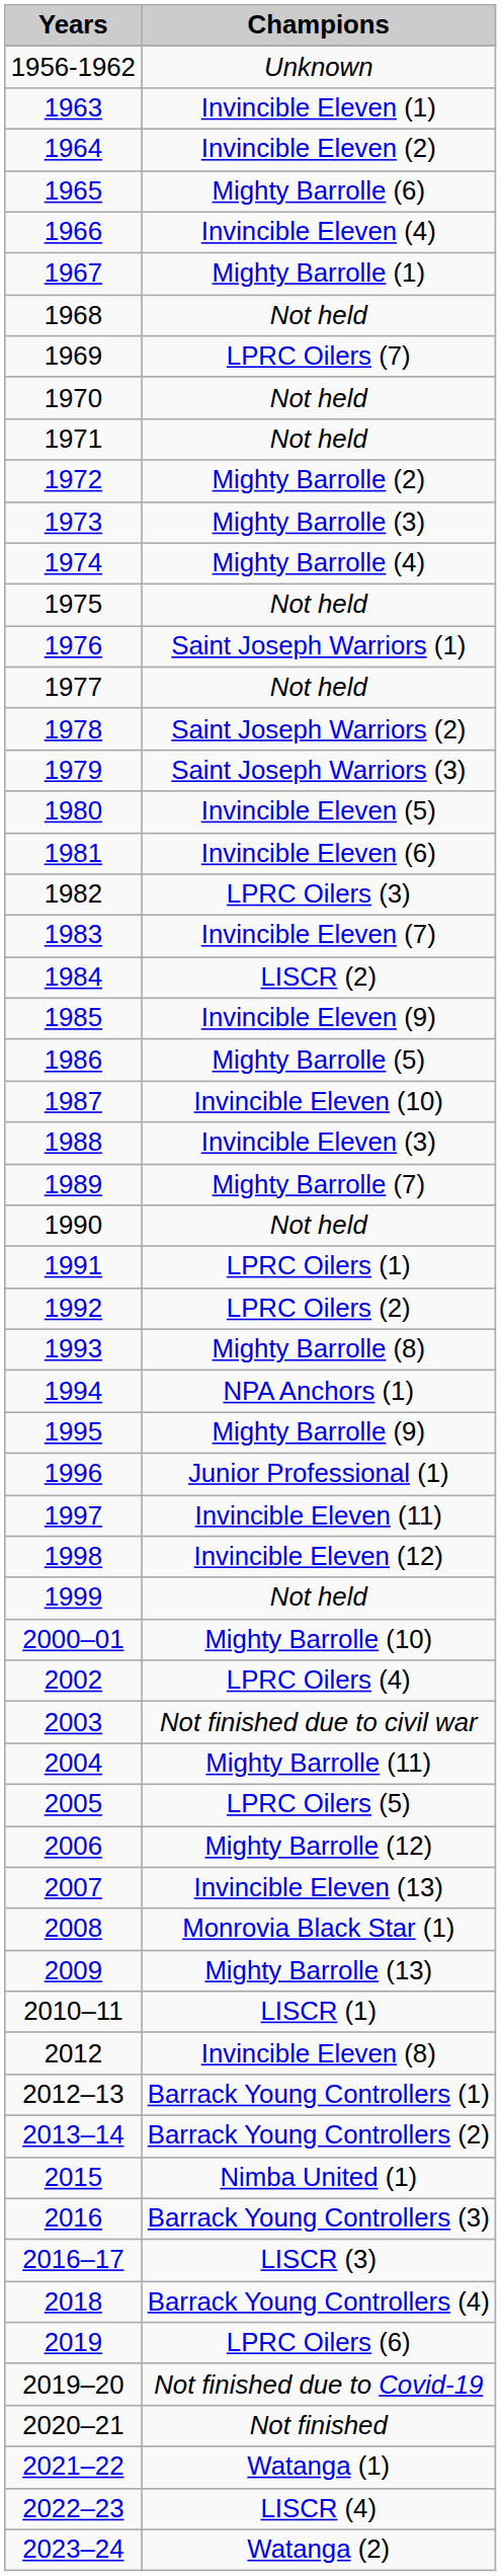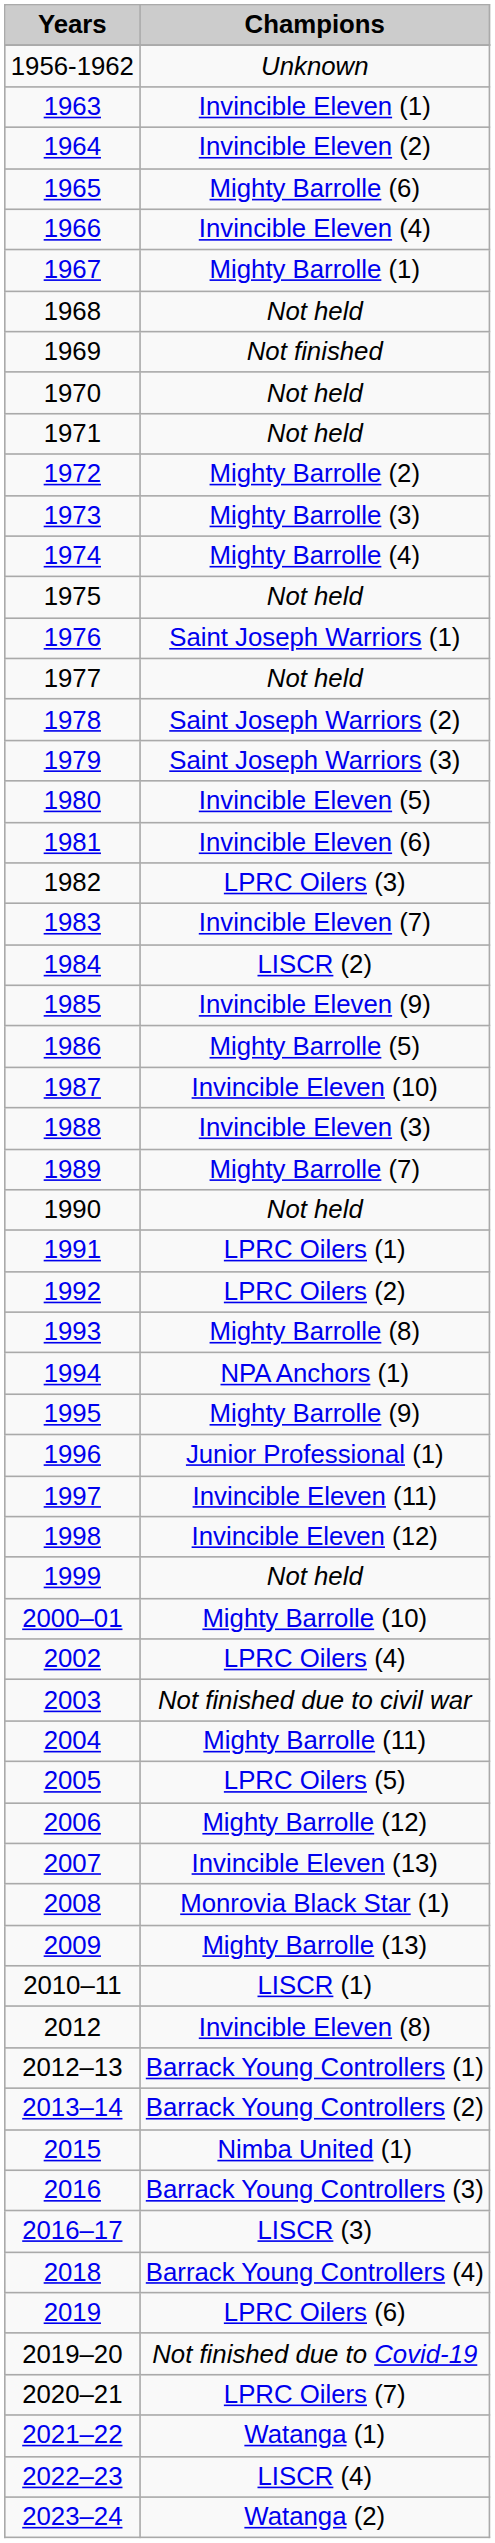 <table class="wikitable" style="text-align: center;">
 <tr bgcolor="#CCCCCC">
 <td><strong>Years</strong></td>
 <td><strong>Champions</strong></td>
 </tr>
 <tr bgcolor="#EFEFEF">
 </tr>
 <tr>
 <td>1956-1962</td>
 <td><em>Unknown</em></td>
 </tr>
 <tr>
 <td><a href='#'>1963</a></td>
 <td><a href='#'>Invincible Eleven</a> (1)</td>
 </tr>
 <tr>
 <td><a href='#'>1964</a></td>
 <td><a href='#'>Invincible Eleven</a> (2)</td>
 </tr>
 <tr>
 <td><a href='#'>1965</a></td>
 <td><a href='#'>Mighty Barrolle</a> (6)</td>
 </tr>
 <tr>
 <td><a href='#'>1966</a></td>
 <td><a href='#'>Invincible Eleven</a> (4)</td>
 </tr>
 <tr>
 <td><a href='#'>1967</a></td>
 <td><a href='#'>Mighty Barrolle</a> (1)</td>
 </tr>
 <tr>
 <td>1968</td>
 <td><em>Not held</em></td>
 </tr>
 <tr>
 <td>1969</td>
-<td><a href='#'>LPRC Oilers</a> (7)</td>
+<td><em>Not finished</em></td>
 </tr>
 <tr>
 <td>1970</td>
 <td><em>Not held</em></td>
 </tr>
 <tr>
 <td>1971</td>
 <td><em>Not held</em></td>
 </tr>
 <tr>
 <td><a href='#'>1972</a></td>
 <td><a href='#'>Mighty Barrolle</a> (2)</td>
 </tr>
 <tr>
 <td><a href='#'>1973</a></td>
 <td><a href='#'>Mighty Barrolle</a> (3)</td>
 </tr>
 <tr>
 <td><a href='#'>1974</a></td>
 <td><a href='#'>Mighty Barrolle</a> (4)</td>
 </tr>
 <tr>
 <td>1975</td>
 <td><em>Not held</em></td>
 </tr>
 <tr>
 <td><a href='#'>1976</a></td>
 <td><a href='#'>Saint Joseph Warriors</a> (1)</td>
 </tr>
 <tr>
 <td>1977</td>
 <td><em>Not held</em></td>
 </tr>
 <tr>
 <td><a href='#'>1978</a></td>
 <td><a href='#'>Saint Joseph Warriors</a> (2)</td>
 </tr>
 <tr>
 <td><a href='#'>1979</a></td>
 <td><a href='#'>Saint Joseph Warriors</a> (3)</td>
 </tr>
 <tr>
 <td><a href='#'>1980</a></td>
 <td><a href='#'>Invincible Eleven</a> (5)</td>
 </tr>
 <tr>
 <td><a href='#'>1981</a></td>
 <td><a href='#'>Invincible Eleven</a> (6)</td>
 </tr>
 <tr>
 <td>1982</td>
 <td><a href='#'>LPRC Oilers</a> (3)</td>
 </tr>
 <tr>
 <td><a href='#'>1983</a></td>
 <td><a href='#'>Invincible Eleven</a> (7)</td>
 </tr>
 <tr>
 <td><a href='#'>1984</a></td>
 <td><a href='#'>LISCR</a> (2)</td>
 </tr>
 <tr>
 <td><a href='#'>1985</a></td>
 <td><a href='#'>Invincible Eleven</a> (9)</td>
 </tr>
 <tr>
 <td><a href='#'>1986</a></td>
 <td><a href='#'>Mighty Barrolle</a> (5)</td>
 </tr>
 <tr>
 <td><a href='#'>1987</a></td>
 <td><a href='#'>Invincible Eleven</a> (10)</td>
 </tr>
 <tr>
 <td><a href='#'>1988</a></td>
 <td><a href='#'>Invincible Eleven</a> (3)</td>
 </tr>
 <tr>
 <td><a href='#'>1989</a></td>
 <td><a href='#'>Mighty Barrolle</a> (7)</td>
 </tr>
 <tr>
 <td>1990</td>
 <td><em>Not held</em></td>
 </tr>
 <tr>
 <td><a href='#'>1991</a></td>
 <td><a href='#'>LPRC Oilers</a> (1)</td>
 </tr>
 <tr>
 <td><a href='#'>1992</a></td>
 <td><a href='#'>LPRC Oilers</a> (2)</td>
 </tr>
 <tr>
 <td><a href='#'>1993</a></td>
 <td><a href='#'>Mighty Barrolle</a> (8)</td>
 </tr>
 <tr>
 <td><a href='#'>1994</a></td>
 <td><a href='#'>NPA Anchors</a> (1)</td>
 </tr>
 <tr>
 <td><a href='#'>1995</a></td>
 <td><a href='#'>Mighty Barrolle</a> (9)</td>
 </tr>
 <tr>
 <td><a href='#'>1996</a></td>
 <td><a href='#'>Junior Professional</a> (1)</td>
 </tr>
 <tr>
 <td><a href='#'>1997</a></td>
 <td><a href='#'>Invincible Eleven</a> (11)</td>
 </tr>
 <tr>
 <td><a href='#'>1998</a></td>
 <td><a href='#'>Invincible Eleven</a> (12)</td>
 </tr>
 <tr>
 <td><a href='#'>1999</a></td>
 <td><em>Not held</em></td>
 </tr>
 <tr>
 <td><a href='#'>2000–01</a></td>
 <td><a href='#'>Mighty Barrolle</a> (10)</td>
 </tr>
 <tr>
 <td><a href='#'>2002</a></td>
 <td><a href='#'>LPRC Oilers</a> (4)</td>
 </tr>
 <tr>
 <td><a href='#'>2003</a></td>
 <td><em>Not finished due to civil war</em></td>
 </tr>
 <tr>
 <td><a href='#'>2004</a></td>
 <td><a href='#'>Mighty Barrolle</a> (11)</td>
 </tr>
 <tr>
 <td><a href='#'>2005</a></td>
 <td><a href='#'>LPRC Oilers</a> (5)</td>
 </tr>
 <tr>
 <td><a href='#'>2006</a></td>
 <td><a href='#'>Mighty Barrolle</a> (12)</td>
 </tr>
 <tr>
 <td><a href='#'>2007</a></td>
 <td><a href='#'>Invincible Eleven</a> (13)</td>
 </tr>
 <tr>
 <td><a href='#'>2008</a></td>
 <td><a href='#'>Monrovia Black Star</a> (1)</td>
 </tr>
 <tr>
 <td><a href='#'>2009</a></td>
 <td><a href='#'>Mighty Barrolle</a> (13)</td>
 </tr>
 <tr>
 <td>2010–11</td>
 <td><a href='#'>LISCR</a> (1)</td>
 </tr>
 <tr>
 <td>2012</td>
 <td><a href='#'>Invincible Eleven</a> (8)</td>
 </tr>
 <tr>
 <td>2012–13</td>
 <td><a href='#'>Barrack Young Controllers</a> (1)</td>
 </tr>
 <tr>
 <td><a href='#'>2013–14</a></td>
 <td><a href='#'>Barrack Young Controllers</a> (2)</td>
 </tr>
 <tr>
 <td><a href='#'>2015</a></td>
 <td><a href='#'>Nimba United</a> (1)</td>
 </tr>
 <tr>
 <td><a href='#'>2016</a></td>
 <td><a href='#'>Barrack Young Controllers</a> (3)</td>
 </tr>
 <tr>
 <td><a href='#'>2016–17</a></td>
 <td><a href='#'>LISCR</a> (3)</td>
 </tr>
 <tr>
 <td><a href='#'>2018</a></td>
 <td><a href='#'>Barrack Young Controllers</a> (4)</td>
 </tr>
 <tr>
 <td><a href='#'>2019</a></td>
 <td><a href='#'>LPRC Oilers</a> (6)</td>
 </tr>
 <tr>
 <td>2019–20</td>
 <td><em>Not finished due to <a href='#'>Covid-19</a></em></td>
 </tr>
 <tr>
 <td>2020–21</td>
-<td><em>Not finished</em></td>
+<td><a href='#'>LPRC Oilers</a> (7)</td>
 </tr>
 <tr>
 <td><a href='#'>2021–22</a></td>
 <td><a href='#'>Watanga</a> (1)</td>
 </tr>
 <tr>
 <td><a href='#'>2022–23</a></td>
 <td><a href='#'>LISCR</a> (4)</td>
 </tr>
 <tr>
 <td><a href='#'>2023–24</a></td>
 <td><a href='#'>Watanga</a> (2)</td>
 </tr>
 </table>
